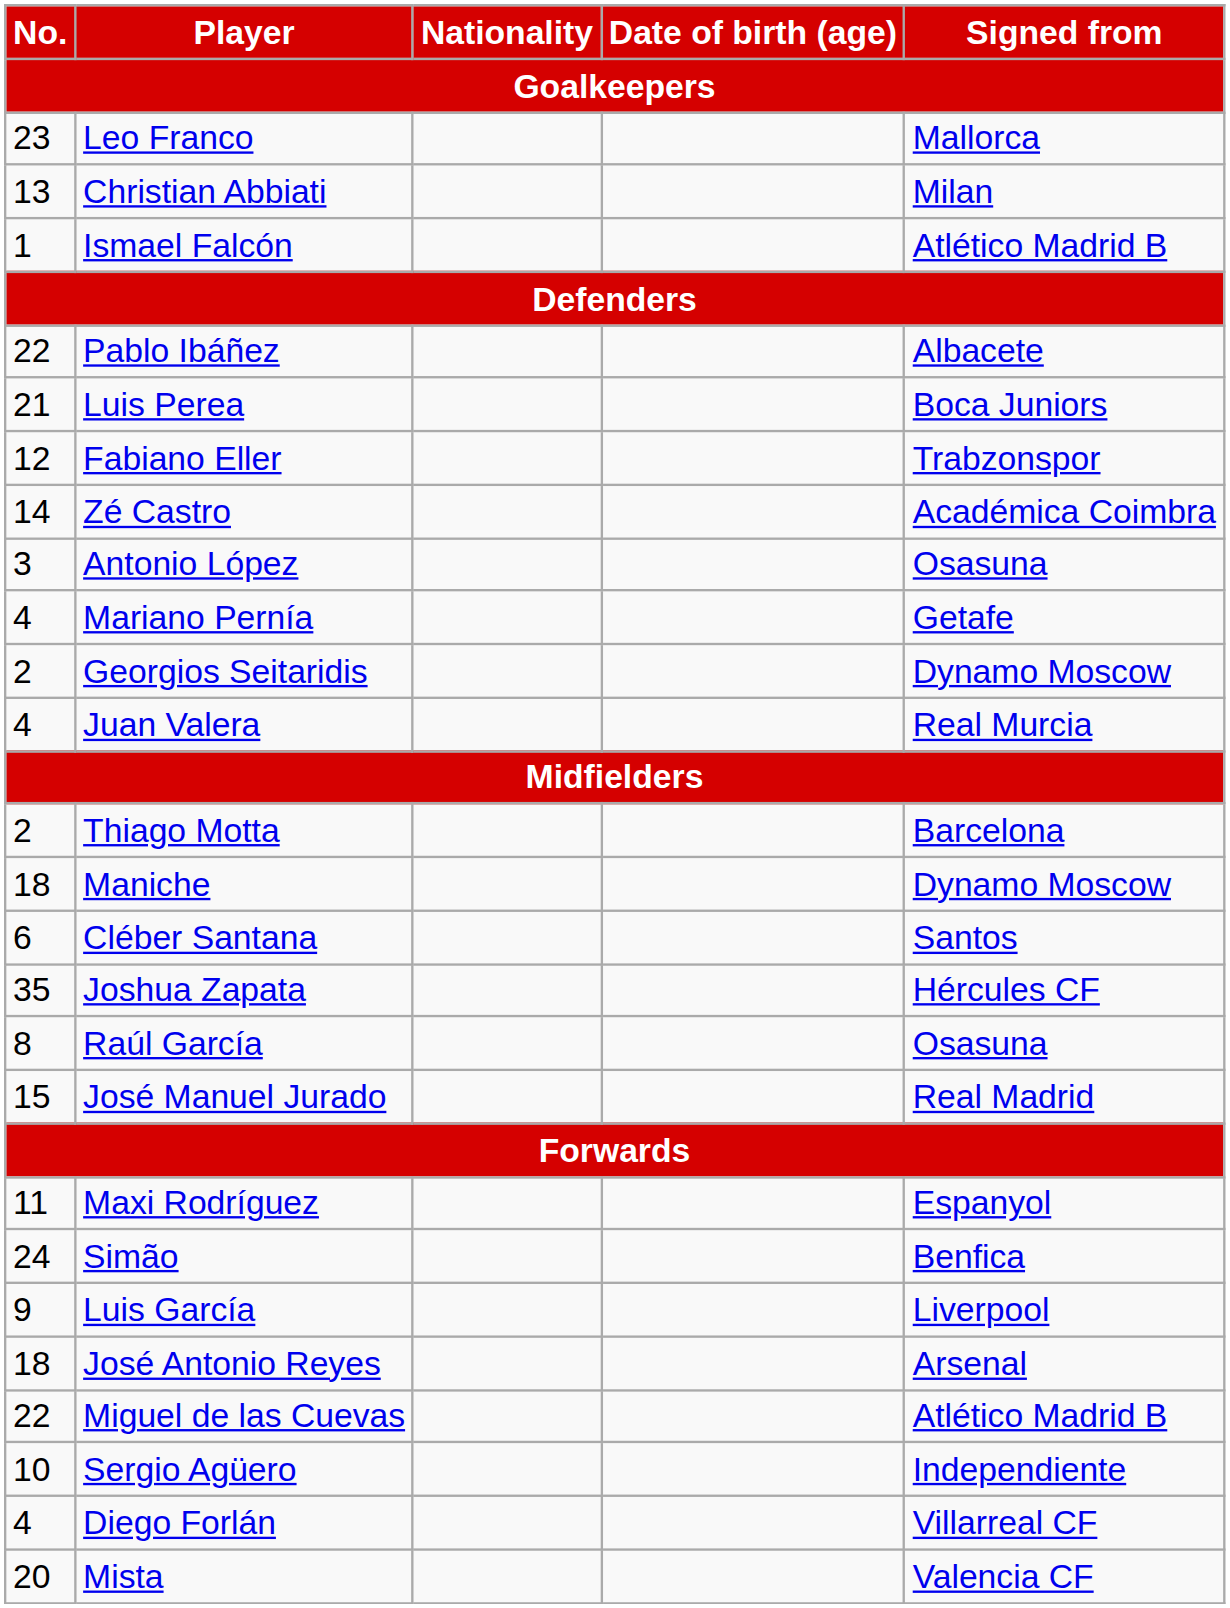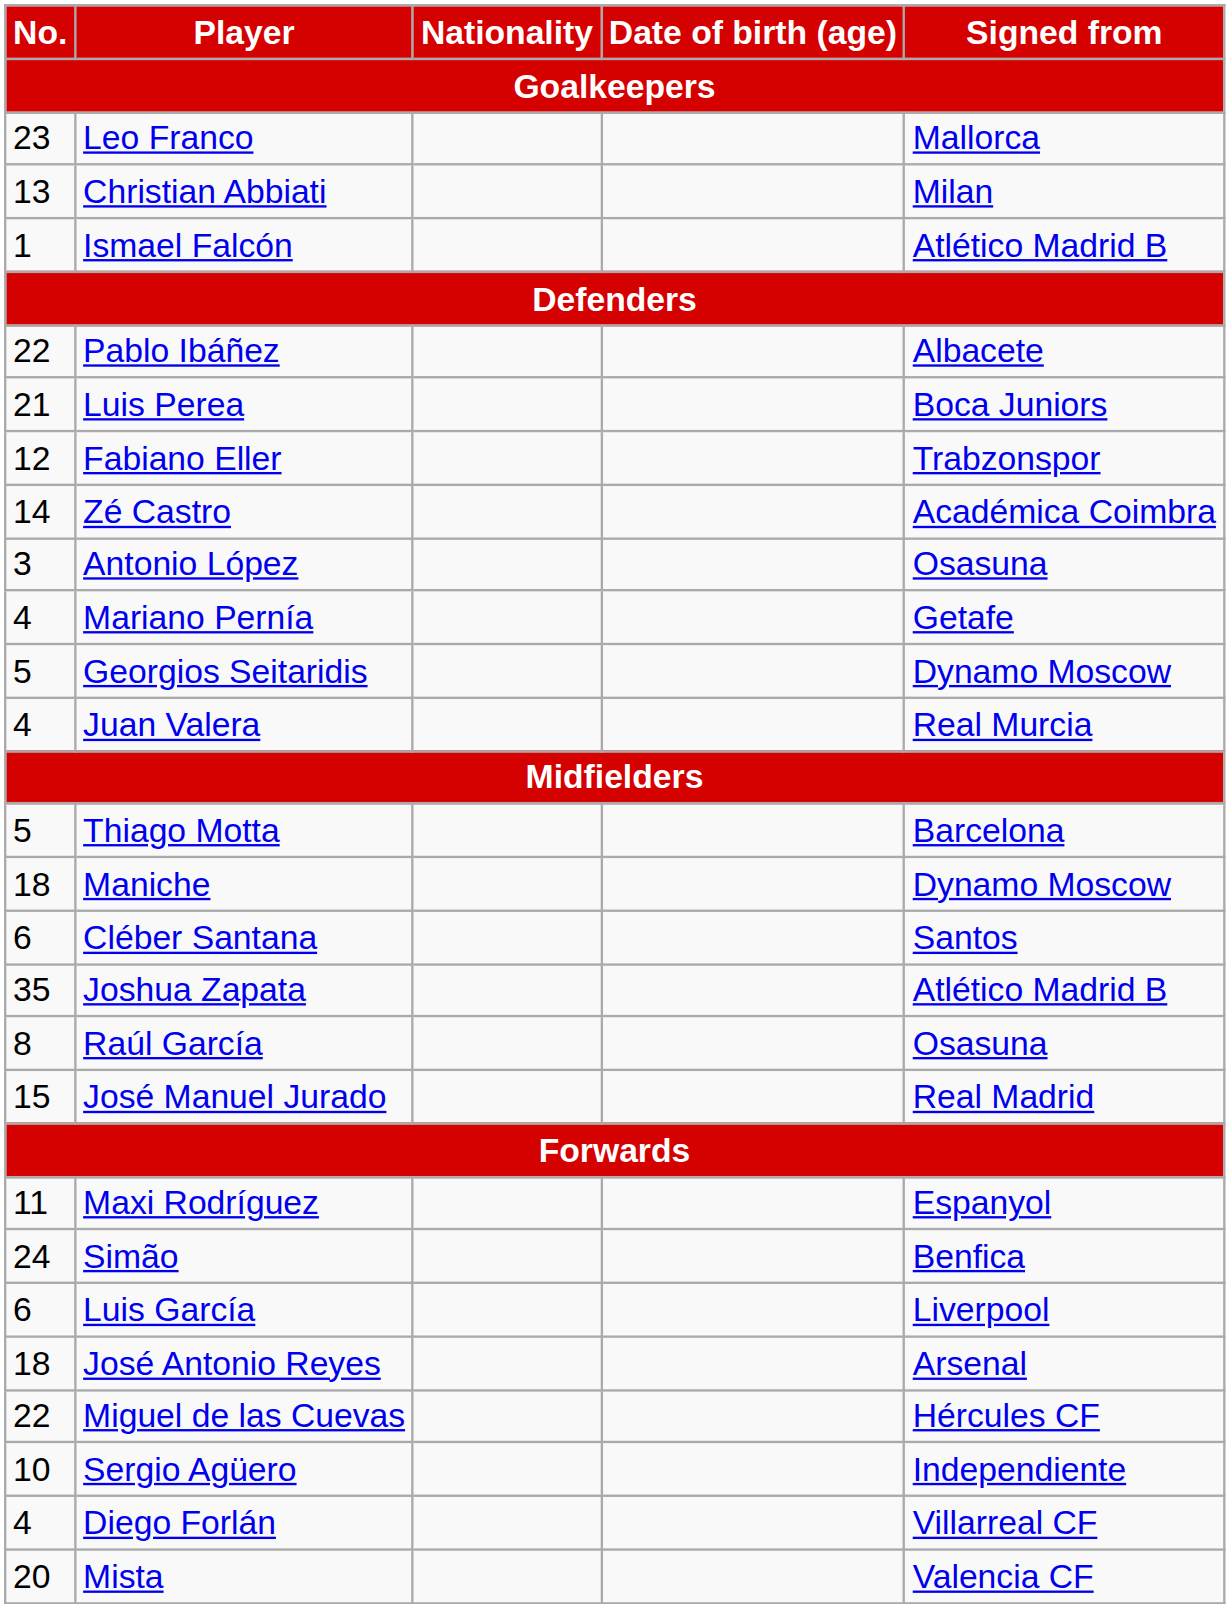 <table class="wikitable sortable" style="font-size:90%;">
 <tr>
 <th style="background:#d50000; color:white; text-align:;">No.</th>
 <th style="background:#d50000; color:white; text-align:;">Player</th>
 <th style="background:#d50000; color:white; text-align:;">Nationality</th>
 <th style="background:#d50000; color:white; text-align:;">Date of birth (age)</th>
 <th style="background:#d50000; color:white; text-align:;">Signed from</th>
 </tr>
 <tr>
 <th colspan="10" style="background:#d50000; color:white; text-align:top"><strong>Goalkeepers</strong></th>
 </tr>
 <tr>
 <td>23</td>
 <td><a href='#'>Leo Franco</a></td>
 <td></td>
 <td></td>
 <td> <a href='#'>Mallorca</a></td>
 </tr>
 <tr>
 <td>13</td>
 <td><a href='#'>Christian Abbiati</a></td>
 <td></td>
 <td></td>
 <td> <a href='#'>Milan</a></td>
 </tr>
 <tr>
 <td>1</td>
 <td><a href='#'>Ismael Falcón</a></td>
 <td></td>
 <td></td>
 <td> <a href='#'>Atlético Madrid B</a></td>
 </tr>
 <tr>
 <th colspan="10" style="background:#d50000; color:white; text-align:center"><strong>Defenders</strong></th>
 </tr>
 <tr>
 <td>22</td>
 <td><a href='#'>Pablo Ibáñez</a></td>
 <td></td>
 <td></td>
 <td> <a href='#'>Albacete</a></td>
 </tr>
 <tr>
 <td>21</td>
 <td><a href='#'>Luis Perea</a></td>
 <td></td>
 <td></td>
 <td> <a href='#'>Boca Juniors</a></td>
 </tr>
 <tr>
 <td>12</td>
 <td><a href='#'>Fabiano Eller</a></td>
 <td></td>
 <td></td>
 <td> <a href='#'>Trabzonspor</a></td>
 </tr>
 <tr>
 <td>14</td>
 <td><a href='#'>Zé Castro</a></td>
 <td></td>
 <td></td>
 <td> <a href='#'>Académica Coimbra</a></td>
 </tr>
 <tr>
 <td>3</td>
 <td><a href='#'>Antonio López</a></td>
 <td></td>
 <td></td>
 <td> <a href='#'>Osasuna</a></td>
 </tr>
 <tr>
 <td>4</td>
 <td><a href='#'>Mariano Pernía</a></td>
 <td></td>
 <td></td>
 <td> <a href='#'>Getafe</a></td>
 </tr>
 <tr>
-<td>2</td>
+<td>5</td>
 <td><a href='#'>Georgios Seitaridis</a></td>
 <td></td>
 <td></td>
 <td> <a href='#'>Dynamo Moscow</a></td>
 </tr>
 <tr>
 <td>4</td>
 <td><a href='#'>Juan Valera</a></td>
 <td></td>
 <td></td>
 <td> <a href='#'>Real Murcia</a></td>
 </tr>
 <tr>
 <th colspan="10" style="background:#d50000; color:white; text-align:center"><strong>Midfielders</strong></th>
 </tr>
 <tr>
-<td>2</td>
+<td>5</td>
 <td><a href='#'>Thiago Motta</a></td>
 <td></td>
 <td></td>
 <td> <a href='#'>Barcelona</a></td>
 </tr>
 <tr>
 <td>18</td>
 <td><a href='#'>Maniche</a></td>
 <td></td>
 <td></td>
 <td> <a href='#'>Dynamo Moscow</a></td>
 </tr>
 <tr>
 <td>6</td>
 <td><a href='#'>Cléber Santana</a></td>
 <td></td>
 <td></td>
 <td> <a href='#'>Santos</a></td>
 </tr>
 <tr>
 <td>35</td>
 <td><a href='#'>Joshua Zapata</a></td>
 <td></td>
 <td></td>
-<td> <a href='#'>Hércules CF</a></td>
+<td> <a href='#'>Atlético Madrid B</a></td>
 </tr>
 <tr>
 <td>8</td>
 <td><a href='#'>Raúl García</a></td>
 <td></td>
 <td></td>
 <td> <a href='#'>Osasuna</a></td>
 </tr>
 <tr>
 <td>15</td>
 <td><a href='#'>José Manuel Jurado</a></td>
 <td></td>
 <td></td>
 <td> <a href='#'>Real Madrid</a></td>
 </tr>
 <tr>
 <th colspan="10" style="background:#d50000; color:white; text-align:center"><strong>Forwards</strong></th>
 </tr>
 <tr>
 <td>11</td>
 <td><a href='#'>Maxi Rodríguez</a></td>
 <td></td>
 <td></td>
 <td> <a href='#'>Espanyol</a></td>
 </tr>
 <tr>
 <td>24</td>
 <td><a href='#'>Simão</a></td>
 <td></td>
 <td></td>
 <td> <a href='#'>Benfica</a></td>
 </tr>
 <tr>
-<td>9</td>
+<td>6</td>
 <td><a href='#'>Luis García</a></td>
 <td></td>
 <td></td>
 <td> <a href='#'>Liverpool</a></td>
 </tr>
 <tr>
 <td>18</td>
 <td><a href='#'>José Antonio Reyes</a></td>
 <td></td>
 <td></td>
 <td> <a href='#'>Arsenal</a></td>
 </tr>
 <tr>
 <td>22</td>
 <td><a href='#'>Miguel de las Cuevas</a></td>
 <td></td>
 <td></td>
-<td> <a href='#'>Atlético Madrid B</a></td>
+<td> <a href='#'>Hércules CF</a></td>
 </tr>
 <tr>
 <td>10</td>
 <td><a href='#'>Sergio Agüero</a></td>
 <td></td>
 <td></td>
 <td> <a href='#'>Independiente</a></td>
 </tr>
 <tr>
 <td>4</td>
 <td><a href='#'>Diego Forlán</a></td>
 <td></td>
 <td></td>
 <td> <a href='#'>Villarreal CF</a></td>
 </tr>
 <tr>
 <td>20</td>
 <td><a href='#'>Mista</a></td>
 <td></td>
 <td></td>
 <td> <a href='#'>Valencia CF</a></td>
 </tr>
 </table>
